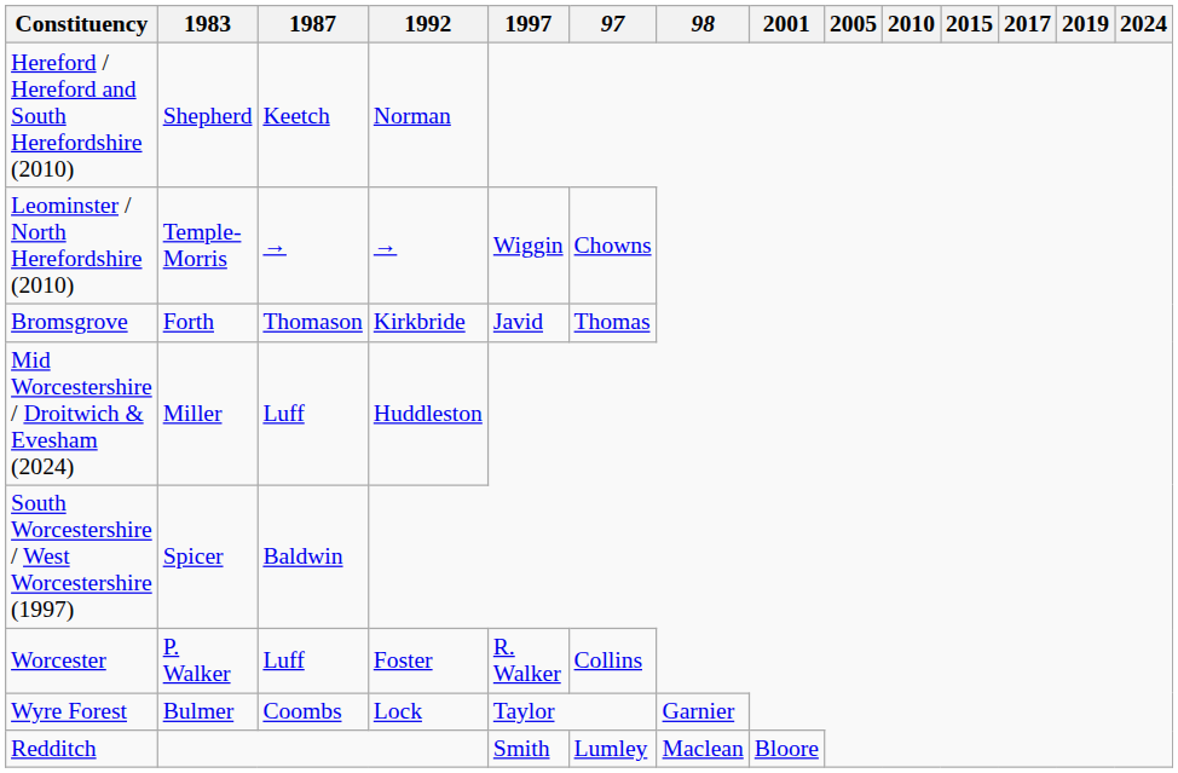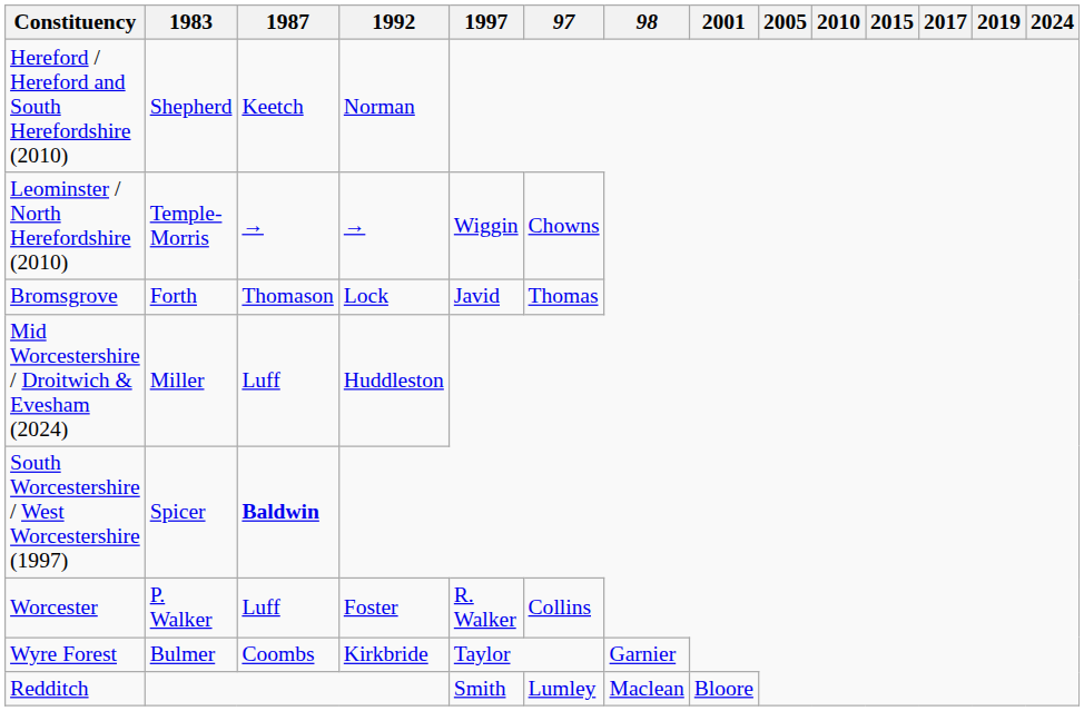 <table class="wikitable">
 <tr>
 <th>Constituency</th>
 <th>1983</th>
 <th>1987</th>
 <th>1992</th>
 <th>1997</th>
 <th><em>97</em></th>
 <th><em>98</em></th>
 <th>2001</th>
 <th>2005</th>
 <th>2010</th>
 <th>2015</th>
 <th>2017</th>
 <th>2019</th>
 <th>2024</th>
 </tr>
 <tr>
 <td><a href='#'>Hereford</a> / <a href='#'>Hereford and South Herefordshire</a> (2010)</td>
 <td><a href='#'>Shepherd</a></td>
 <td><a href='#'>Keetch</a></td>
 <td><a href='#'>Norman</a></td>
 </tr>
 <tr>
 <td><a href='#'>Leominster</a> / <a href='#'>North Herefordshire</a> (2010)</td>
 <td><a href='#'>Temple-Morris</a></td>
 <td><a href='#'>→</a></td>
 <td><a href='#'>→</a></td>
 <td><a href='#'>Wiggin</a></td>
 <td><a href='#'>Chowns</a></td>
 </tr>
 <tr>
 <td><a href='#'>Bromsgrove</a></td>
 <td><a href='#'>Forth</a></td>
 <td><a href='#'>Thomason</a></td>
-<td><a href='#'>Kirkbride</a></td>
+<td><a href='#'>Lock</a></td>
 <td><a href='#'>Javid</a></td>
 <td><a href='#'>Thomas</a></td>
 </tr>
 <tr>
 <td><a href='#'>Mid Worcestershire</a> / <a href='#'>Droitwich & Evesham</a> (2024)</td>
 <td><a href='#'>Miller</a></td>
 <td><a href='#'>Luff</a></td>
 <td><a href='#'>Huddleston</a></td>
 </tr>
 <tr>
 <td><a href='#'>South Worcestershire</a> / <a href='#'>West Worcestershire</a> (1997)</td>
 <td><a href='#'>Spicer</a></td>
-<td><a href='#'>Baldwin</a></td>
+<td><strong><a href='#'>Baldwin</a></strong></td>
 </tr>
 <tr>
 <td><a href='#'>Worcester</a></td>
 <td><a href='#'>P. Walker</a></td>
 <td><a href='#'>Luff</a></td>
 <td><a href='#'>Foster</a></td>
 <td><a href='#'>R. Walker</a></td>
 <td><a href='#'>Collins</a></td>
 </tr>
 <tr>
 <td><a href='#'>Wyre Forest</a></td>
 <td><a href='#'>Bulmer</a></td>
 <td><a href='#'>Coombs</a></td>
-<td><a href='#'>Lock</a></td>
+<td><a href='#'>Kirkbride</a></td>
 <td colspan="2"><a href='#'>Taylor</a></td>
 <td><a href='#'>Garnier</a></td>
 </tr>
 <tr>
 <td><a href='#'>Redditch</a></td>
 <td colspan="3"></td>
 <td><a href='#'>Smith</a></td>
 <td><a href='#'>Lumley</a></td>
 <td><a href='#'>Maclean</a></td>
 <td><a href='#'>Bloore</a></td>
 </tr>
 </table>
